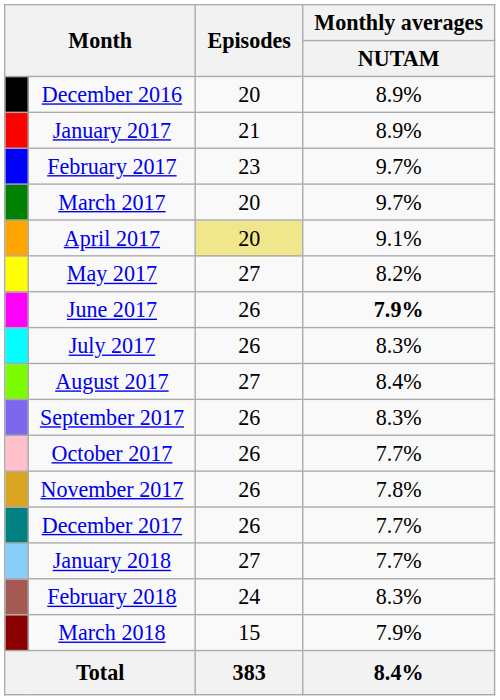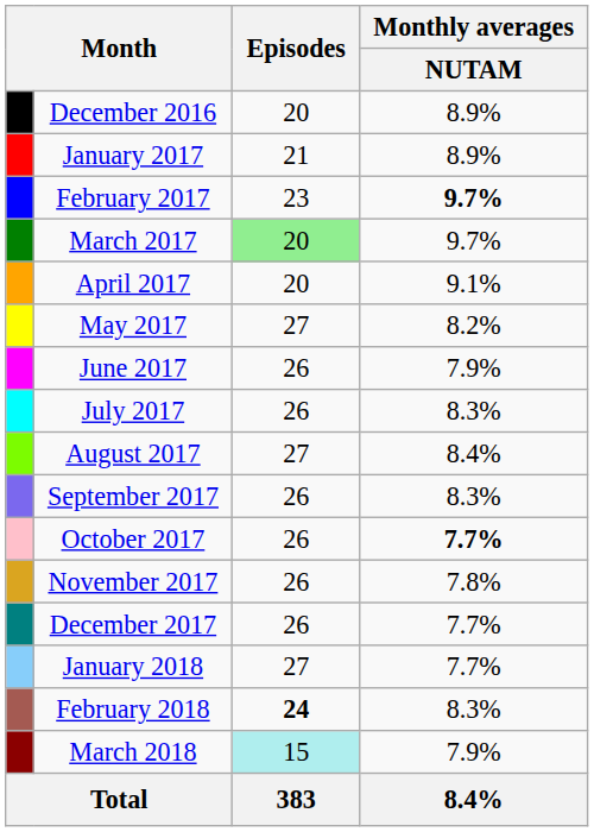 <table class="wikitable plainrowheaders" style="text-align: center; line-height:25px;">
 <tr class="wikitable" style="text-align: center;">
 <th colspan="2" rowspan="2" style="padding: 0 8px;">Month</th>
 <th rowspan="2" style="padding: 0 8px;">Episodes</th>
 <th colspan="2" style="padding: 0 8px;">Monthly averages</th>
 </tr>
 <tr>
 <th style="padding: 0 8px;">NUTAM</th>
 </tr>
 <tr>
 <td style="padding: 0 8px; background:#000000;"></td>
 <td style="padding: 0 8px;" '><a href='#'>December 2016</a></td>
 <td style="padding: 0 8px;">20</td>
 <td style="padding: 0 8px;">8.9%</td>
 </tr>
 <tr>
 <td style="padding: 0 8px; background:#FF0000;"></td>
 <td style="padding: 0 8px;" '><a href='#'>January 2017</a></td>
 <td style="padding: 0 8px;">21</td>
 <td style="padding: 0 8px;">8.9%</td>
 </tr>
 <tr>
 <td style="padding: 0 8px; background:#0000FF;"></td>
 <td style="padding: 0 8px;" '><a href='#'>February 2017</a></td>
 <td style="padding: 0 8px;">23</td>
-<td style="padding: 0 8px;">9.7%</td>
+<td style="padding: 0 8px;"><strong>9.7%</strong></td>
 </tr>
 <tr>
 <td style="padding: 0 8px; background:#008000;"></td>
 <td style="padding: 0 8px;" '><a href='#'>March 2017</a></td>
-<td style="padding: 0 8px;">20</td>
+<td style="background: lightgreen; padding: 0 8px;">20</td>
 <td style="padding: 0 8px;">9.7%</td>
 </tr>
 <tr>
 <td style="padding: 0 8px; background:#FFA500;"></td>
 <td style="padding: 0 8px;" '><a href='#'>April 2017</a></td>
-<td style="background: khaki; padding: 0 8px;">20</td>
+<td style="padding: 0 8px;">20</td>
 <td style="padding: 0 8px;">9.1%</td>
 </tr>
 <tr>
 <td style="padding: 0 8px; background:#FFFF00;"></td>
 <td style="padding: 0 8px;" '><a href='#'>May 2017</a></td>
 <td style="padding: 0 8px;">27</td>
 <td style="padding: 0 8px;">8.2%</td>
 </tr>
 <tr>
 <td style="padding: 0 8px; background:#FF00FF;"></td>
 <td style="padding: 0 8px;" '><a href='#'>June 2017</a></td>
 <td style="padding: 0 8px;">26</td>
-<td style="padding: 0 8px;"><strong>7.9%</strong></td>
+<td style="padding: 0 8px;">7.9%</td>
 </tr>
 <tr>
 <td style="padding: 0 8px; background:#00FFFF;"></td>
 <td style="padding: 0 8px;" '><a href='#'>July 2017</a></td>
 <td style="padding: 0 8px;">26</td>
 <td style="padding: 0 8px;">8.3%</td>
 </tr>
 <tr>
 <td style="padding: 0 8px; background:#7CFC00;"></td>
 <td style="padding: 0 8px;" '><a href='#'>August 2017</a></td>
 <td style="padding: 0 8px;">27</td>
 <td style="padding: 0 8px;">8.4%</td>
 </tr>
 <tr>
 <td style="padding: 0 8px; background:#7B68EE;"></td>
 <td style="padding: 0 8px;" '><a href='#'>September 2017</a></td>
 <td style="padding: 0 8px;">26</td>
 <td style="padding: 0 8px;">8.3%</td>
 </tr>
 <tr>
 <td style="padding: 0 8px; background:#FFC0CB;"></td>
 <td style="padding: 0 8px;" '><a href='#'>October 2017</a></td>
 <td style="padding: 0 8px;">26</td>
-<td style="padding: 0 8px;">7.7%</td>
+<td style="padding: 0 8px;"><strong>7.7%</strong></td>
 </tr>
 <tr>
 <td style="padding: 0 8px; background:#DAA520;"></td>
 <td style="padding: 0 8px;" '><a href='#'>November 2017</a></td>
 <td style="padding: 0 8px;">26</td>
 <td style="padding: 0 8px;">7.8%</td>
 </tr>
 <tr>
 <td style="padding: 0 8px; background:#008080;"></td>
 <td style="padding: 0 8px;" '><a href='#'>December 2017</a></td>
 <td style="padding: 0 8px;">26</td>
 <td style="padding: 0 8px;">7.7%</td>
 </tr>
 <tr>
 <td style="padding: 0 8px; background:#87CEFA;"></td>
 <td style="padding: 0 8px;" '><a href='#'>January 2018</a></td>
 <td style="padding: 0 8px;">27</td>
 <td style="padding: 0 8px;">7.7%</td>
 </tr>
 <tr>
 <td style="padding: 0 8px; background:#A45A52;"></td>
 <td style="padding: 0 8px;" '><a href='#'>February 2018</a></td>
-<td style="padding: 0 8px;">24</td>
+<td style="padding: 0 8px;"><strong>24</strong></td>
 <td style="padding: 0 8px;">8.3%</td>
 </tr>
 <tr>
 <td style="padding: 0 8px; background:#8B0000;"></td>
 <td style="padding: 0 8px;" '><a href='#'>March 2018</a></td>
-<td style="padding: 0 8px;">15</td>
+<td style="background: paleturquoise; padding: 0 8px;">15</td>
 <td style="padding: 0 8px;">7.9%</td>
 </tr>
 <tr>
 <th colspan="2">Total</th>
 <th colspan="1">383</th>
 <th colspan="2">8.4%</th>
 </tr>
 </table>
